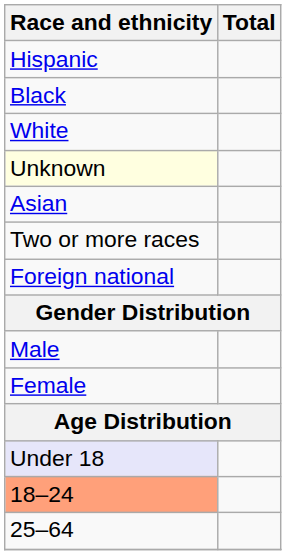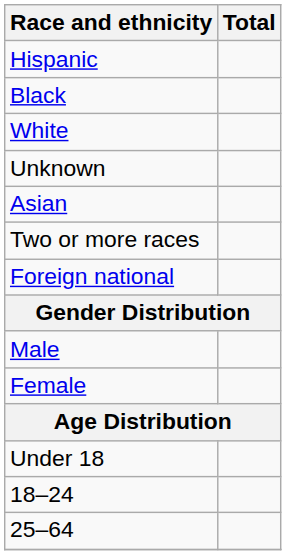 <table class="wikitable floatright sortable collapsible"; text-align:right; font-size:80%;">
 <tr>
 <th>Race and ethnicity</th>
 <th colspan="2" data-sort-type=number>Total</th>
 </tr>
 <tr>
 <td><a href='#'>Hispanic</a></td>
 <td align=right></td>
 </tr>
 <tr>
 <td><a href='#'>Black</a></td>
 <td align=right></td>
 </tr>
 <tr>
 <td><a href='#'>White</a></td>
 <td align=right></td>
 </tr>
 <tr>
-<td style="background: lightyellow;">Unknown</td>
+<td>Unknown</td>
 <td align=right></td>
 </tr>
 <tr>
 <td><a href='#'>Asian</a></td>
 <td align=right></td>
 </tr>
 <tr>
 <td>Two or more races</td>
 <td align=right></td>
 </tr>
 <tr>
 <td><a href='#'>Foreign national</a></td>
 <td align=right></td>
 </tr>
 <tr>
 <th colspan="4" data-sort-type=number>Gender Distribution</th>
 </tr>
 <tr>
 <td><a href='#'>Male</a></td>
 <td align=right></td>
 </tr>
 <tr>
 <td><a href='#'>Female</a></td>
 <td align=right></td>
 </tr>
 <tr>
 <th colspan="4" data-sort-type=number>Age Distribution</th>
 </tr>
 <tr>
-<td style="background: lavender;">Under 18</td>
+<td>Under 18</td>
 <td align=right></td>
 </tr>
 <tr>
-<td style="background: lightsalmon;">18–24</td>
+<td>18–24</td>
 <td align=right></td>
 </tr>
 <tr>
 <td>25–64</td>
 <td align=right></td>
 </tr>
 <tr>
 </tr>
 </table>
